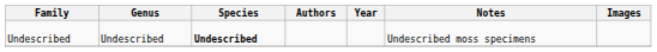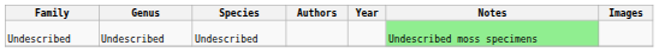 <table class="wikitable sortable"  style="margin:auto; width:100%;">
 <tr>
 <th>Family</th>
 <th>Genus</th>
 <th>Species</th>
 <th>Authors</th>
 <th>Year</th>
 <th>Notes</th>
 <th>Images</th>
 </tr>
 <tr>
 <td><br>Undescribed</td>
 <td><br>Undescribed</td>
-<td><strong><br>Undescribed</strong></td>
+<td><br>Undescribed</td>
 <td></td>
 <td></td>
-<td><br>Undescribed moss specimens</td>
+<td style="background: lightgreen;"><br>Undescribed moss specimens</td>
 <td><br></td>
 </tr>
 <tr>
 </tr>
 </table>
